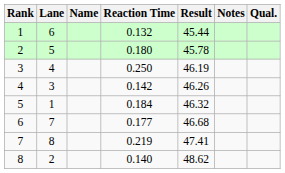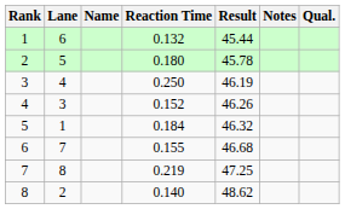 <table class="wikitable sortable" style="text-align:center">
 <tr>
 <th>Rank</th>
 <th>Lane</th>
 <th>Name</th>
 <th>Reaction Time</th>
 <th>Result</th>
 <th>Notes</th>
 <th>Qual.</th>
 </tr>
 <tr bgcolor=ccffcc>
 <td>1</td>
 <td>6</td>
 <td align="left"></td>
 <td>0.132</td>
 <td>45.44</td>
 <td></td>
 <td></td>
 </tr>
 <tr bgcolor=ccffcc>
 <td>2</td>
 <td>5</td>
 <td align="left"></td>
 <td>0.180</td>
 <td>45.78</td>
 <td></td>
 <td></td>
 </tr>
 <tr>
 <td>3</td>
 <td>4</td>
 <td align="left"></td>
 <td>0.250</td>
 <td>46.19</td>
 <td></td>
 <td></td>
 </tr>
 <tr>
 <td>4</td>
 <td>3</td>
 <td align="left"></td>
-<td>0.142</td>
+<td>0.152</td>
 <td>46.26</td>
 <td></td>
 <td></td>
 </tr>
 <tr>
 <td>5</td>
 <td>1</td>
 <td align="left"></td>
 <td>0.184</td>
 <td>46.32</td>
 <td></td>
 <td></td>
 </tr>
 <tr>
 <td>6</td>
 <td>7</td>
 <td align="left"></td>
-<td>0.177</td>
+<td>0.155</td>
 <td>46.68</td>
 <td></td>
 <td></td>
 </tr>
 <tr>
 <td>7</td>
 <td>8</td>
 <td align="left"></td>
 <td>0.219</td>
-<td>47.41</td>
+<td>47.25</td>
 <td></td>
 <td></td>
 </tr>
 <tr>
 <td>8</td>
 <td>2</td>
 <td align="left"></td>
 <td>0.140</td>
 <td>48.62</td>
 <td></td>
 <td></td>
 </tr>
 </table>
